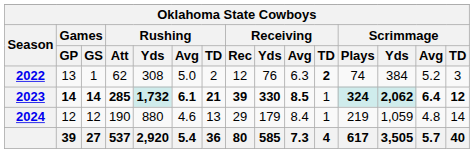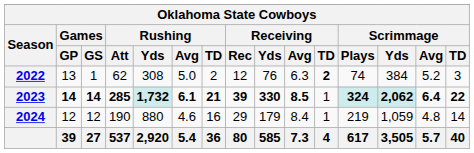 <table class="wikitable" style="text-align:center;">
 <tr College statistics>
 </tr>
 <tr>
 <th colspan="20">Oklahoma State Cowboys</th>
 </tr>
 <tr>
 <th rowspan="2">Season</th>
 <th colspan="2">Games</th>
 <th colspan="4">Rushing</th>
 <th colspan="4">Receiving</th>
 <th colspan="4">Scrimmage</th>
 </tr>
 <tr>
 <th>GP</th>
 <th>GS</th>
 <th>Att</th>
 <th>Yds</th>
 <th>Avg</th>
 <th>TD</th>
 <th>Rec</th>
 <th>Yds</th>
 <th>Avg</th>
 <th>TD</th>
 <th>Plays</th>
 <th>Yds</th>
 <th>Avg</th>
 <th>TD</th>
 </tr>
 <tr>
 <th><a href='#'>2022</a></th>
 <td>13</td>
 <td>1</td>
 <td>62</td>
 <td>308</td>
 <td>5.0</td>
 <td>2</td>
 <td>12</td>
 <td>76</td>
 <td>6.3</td>
 <td><strong>2</strong></td>
 <td>74</td>
 <td>384</td>
 <td>5.2</td>
 <td>3</td>
 </tr>
 <tr>
 <th><a href='#'>2023</a></th>
 <td><strong>14</strong></td>
 <td><strong>14</strong></td>
 <td><strong>285</strong></td>
 <td style="background:#cfecec;"><strong>1,732</strong></td>
 <td><strong>6.1</strong></td>
 <td><strong>21</strong></td>
 <td><strong>39</strong></td>
 <td><strong>330</strong></td>
 <td><strong>8.5</strong></td>
 <td>1</td>
 <td style="background:#cfecec;"><strong>324</strong></td>
 <td style="background:#cfecec;"><strong>2,062</strong></td>
 <td><strong>6.4</strong></td>
-<td><strong>12</strong></td>
+<td><strong>22</strong></td>
 </tr>
 <tr>
 <th><a href='#'>2024</a></th>
 <td>12</td>
 <td>12</td>
 <td>190</td>
 <td>880</td>
 <td>4.6</td>
-<td>13</td>
+<td>16</td>
 <td>29</td>
 <td>179</td>
 <td>8.4</td>
 <td>1</td>
 <td>219</td>
 <td>1,059</td>
 <td>4.8</td>
 <td>14</td>
 </tr>
 <tr>
 <th></th>
 <th>39</th>
 <th>27</th>
 <th>537</th>
 <th>2,920</th>
 <th>5.4</th>
 <th>36</th>
 <th>80</th>
 <th>585</th>
 <th>7.3</th>
 <th>4</th>
 <th>617</th>
 <th>3,505</th>
 <th>5.7</th>
 <th>40</th>
 </tr>
 </table>
